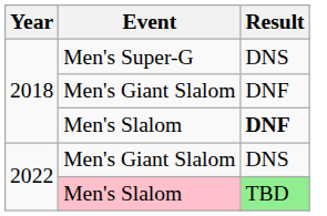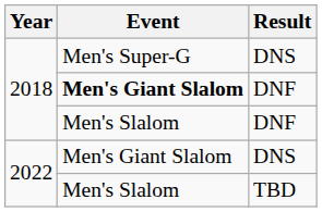 <table class="wikitable">
 <tr>
 <th>Year</th>
 <th>Event</th>
 <th>Result</th>
 </tr>
 <tr>
 <td rowspan="3">2018</td>
 <td>Men's Super-G</td>
 <td>DNS</td>
 </tr>
 <tr>
-<td>Men's Giant Slalom</td>
+<td><strong>Men's Giant Slalom</strong></td>
 <td>DNF</td>
 </tr>
 <tr>
 <td>Men's Slalom</td>
-<td><strong>DNF</strong></td>
+<td>DNF</td>
 </tr>
 <tr>
 <td rowspan="2">2022</td>
 <td>Men's Giant Slalom</td>
 <td>DNS</td>
 </tr>
 <tr>
-<td style="background: pink;">Men's Slalom</td>
-<td style="background: lightgreen;">TBD</td>
+<td>Men's Slalom</td>
+<td>TBD</td>
 </tr>
 </table>
